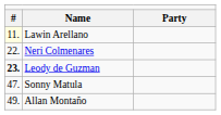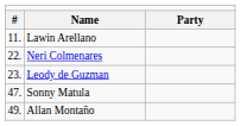 <table class=wikitable style="font-size:90%">
 <tr>
 <td colspan=4 bgcolor=></td>
 </tr>
 <tr>
 <th>#</th>
 <th width=150px>Name</th>
 <th colspan=2 width=110px>Party</th>
 </tr>
 <tr>
-<td style="background: lightyellow;">11.</td>
+<td>11.</td>
 <td>Lawin Arellano</td>
 <td></td>
 </tr>
 <tr>
 <td>22.</td>
 <td><a href='#'>Neri Colmenares</a></td>
 <td></td>
 </tr>
 <tr>
-<td><strong>23.</strong></td>
+<td>23.</td>
 <td><a href='#'>Leody de Guzman</a></td>
 <td></td>
 </tr>
 <tr>
 <td>47.</td>
 <td>Sonny Matula</td>
 <td></td>
 </tr>
 <tr>
 <td>49.</td>
 <td>Allan Montaño</td>
 <td></td>
 </tr>
 </table>
